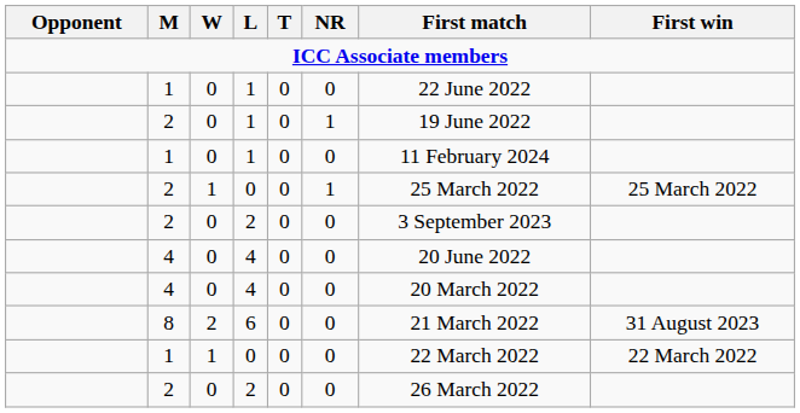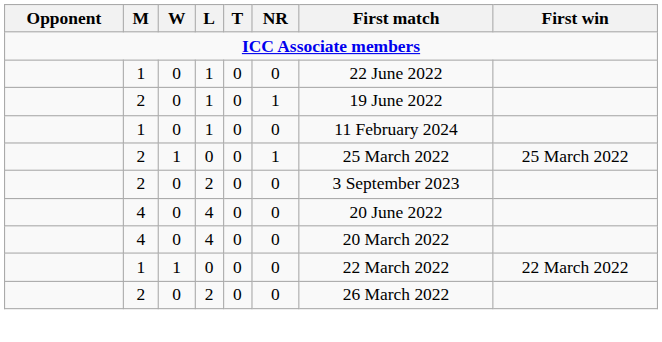 <table class="wikitable" style="text-align: center; width: 600px;">
 <tr>
 <th>Opponent</th>
 <th>M</th>
 <th>W</th>
 <th>L</th>
 <th>T</th>
 <th>NR</th>
 <th>First match</th>
 <th>First win</th>
 </tr>
 <tr>
 <td colspan="8" style="text-align: center;"><strong><a href='#'>ICC Associate members</a></strong></td>
 </tr>
 <tr>
 <td align=left></td>
 <td>1</td>
 <td>0</td>
 <td>1</td>
 <td>0</td>
 <td>0</td>
 <td>22 June 2022</td>
 <td></td>
 </tr>
 <tr>
 <td align=left></td>
 <td>2</td>
 <td>0</td>
 <td>1</td>
 <td>0</td>
 <td>1</td>
 <td>19 June 2022</td>
 <td></td>
 </tr>
 <tr>
 <td align=left></td>
 <td>1</td>
 <td>0</td>
 <td>1</td>
 <td>0</td>
 <td>0</td>
 <td>11 February 2024</td>
 <td></td>
 </tr>
 <tr>
 <td align=left></td>
 <td>2</td>
 <td>1</td>
 <td>0</td>
 <td>0</td>
 <td>1</td>
 <td>25 March 2022</td>
 <td>25 March 2022</td>
 </tr>
 <tr>
 <td align=left></td>
 <td>2</td>
 <td>0</td>
 <td>2</td>
 <td>0</td>
 <td>0</td>
 <td>3 September 2023</td>
 <td></td>
 </tr>
 <tr>
 <td align=left></td>
 <td>4</td>
 <td>0</td>
 <td>4</td>
 <td>0</td>
 <td>0</td>
 <td>20 June 2022</td>
 <td></td>
 </tr>
 <tr>
 <td align=left></td>
 <td>4</td>
 <td>0</td>
 <td>4</td>
 <td>0</td>
 <td>0</td>
 <td>20 March 2022</td>
 <td></td>
 </tr>
 <tr>
 <td align=left></td>
-<td>8</td>
-<td>2</td>
-<td>6</td>
-<td>0</td>
-<td>0</td>
-<td>21 March 2022</td>
-<td>31 August 2023</td>
-</tr>
-<tr>
-<td align=left></td>
 <td>1</td>
 <td>1</td>
 <td>0</td>
 <td>0</td>
 <td>0</td>
 <td>22 March 2022</td>
 <td>22 March 2022</td>
 </tr>
 <tr>
 <td align=left></td>
 <td>2</td>
 <td>0</td>
 <td>2</td>
 <td>0</td>
 <td>0</td>
 <td>26 March 2022</td>
 <td></td>
 </tr>
 </table>
